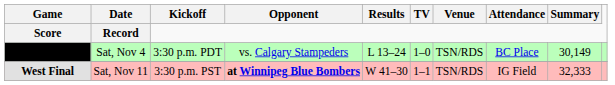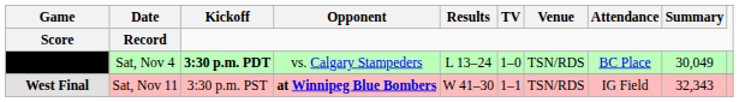 <table class="wikitable" style="font-size: 95%;">
 <tr>
 <th scope="col">Game</th>
 <th scope="col">Date</th>
 <th scope="col">Kickoff</th>
 <th scope="col">Opponent</th>
 <th scope="col">Results</th>
 <th scope="col">TV</th>
 <th scope="col">Venue</th>
 <th scope="col">Attendance</th>
 <th scope="col">Summary</th>
 </tr>
 <tr>
 <th scope="col">Score</th>
 <th scope="col">Record</th>
 </tr>
 <tr align="center" bgcolor="#bbffbb">
 <th style="text-align:center; background:black;"><span><strong>West Semi-Final</strong></span></th>
 <td align="center">Sat, Nov 4</td>
-<td align="center">3:30 p.m. PDT</td>
+<td align="center"><strong>3:30 p.m. PDT</strong></td>
 <td align="center">vs. <a href='#'>Calgary Stampeders</a></td>
 <td align="center">L 13–24</td>
 <td align="center">1–0</td>
 <td align="center">TSN/RDS</td>
 <td align="center"><a href='#'>BC Place</a></td>
-<td align="center">30,149</td>
+<td align="center">30,049</td>
 <td align="center"></td>
 </tr>
 <tr bgcolor="#ffffff" align="center">
 </tr>
 <tr align="center" bgcolor="#ffbbbb">
 <th style="text-align:center; background:#E1E1E1;"><span><strong>West Final</strong></span></th>
 <td align="center">Sat, Nov 11</td>
 <td align="center">3:30 p.m. PST</td>
 <td align="center"><strong>at <a href='#'>Winnipeg Blue Bombers</a></strong></td>
 <td align="center">W 41–30</td>
 <td align="center">1–1</td>
 <td align="center">TSN/RDS</td>
 <td align="center">IG Field</td>
-<td align="center">32,333</td>
+<td align="center">32,343</td>
 <td align="center"></td>
 </tr>
 </table>
